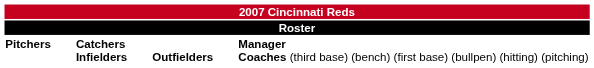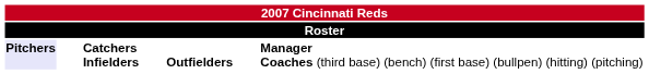 <table class="toccolours" style="font-size: 95%;">
 <tr>
 <th colspan="10" style="background:#c6011f; color:#fff; text-align:center;">2007 Cincinnati Reds</th>
 </tr>
 <tr>
 <td colspan="7" style="background:black; color:#fff; text-align:center;"><strong>Roster</strong></td>
 </tr>
 <tr>
-<td valign="top"><strong>Pitchers</strong><br>                        </td>
+<td valign="top" style="background: lavender;"><strong>Pitchers</strong><br>                        </td>
 <td style="width:25px;"></td>
 <td valign="top"><strong>Catchers</strong><br>     <strong>Infielders</strong>            </td>
 <td style="width:25px;"></td>
 <td valign="top"><br><strong>Outfielders</strong>        </td>
 <td style="width:25px;"></td>
 <td valign="top"><strong>Manager</strong><br>  <strong>Coaches</strong>  (third base)  (bench)  (first base)  (bullpen)  (hitting)  (pitching)</td>
 </tr>
 </table>
